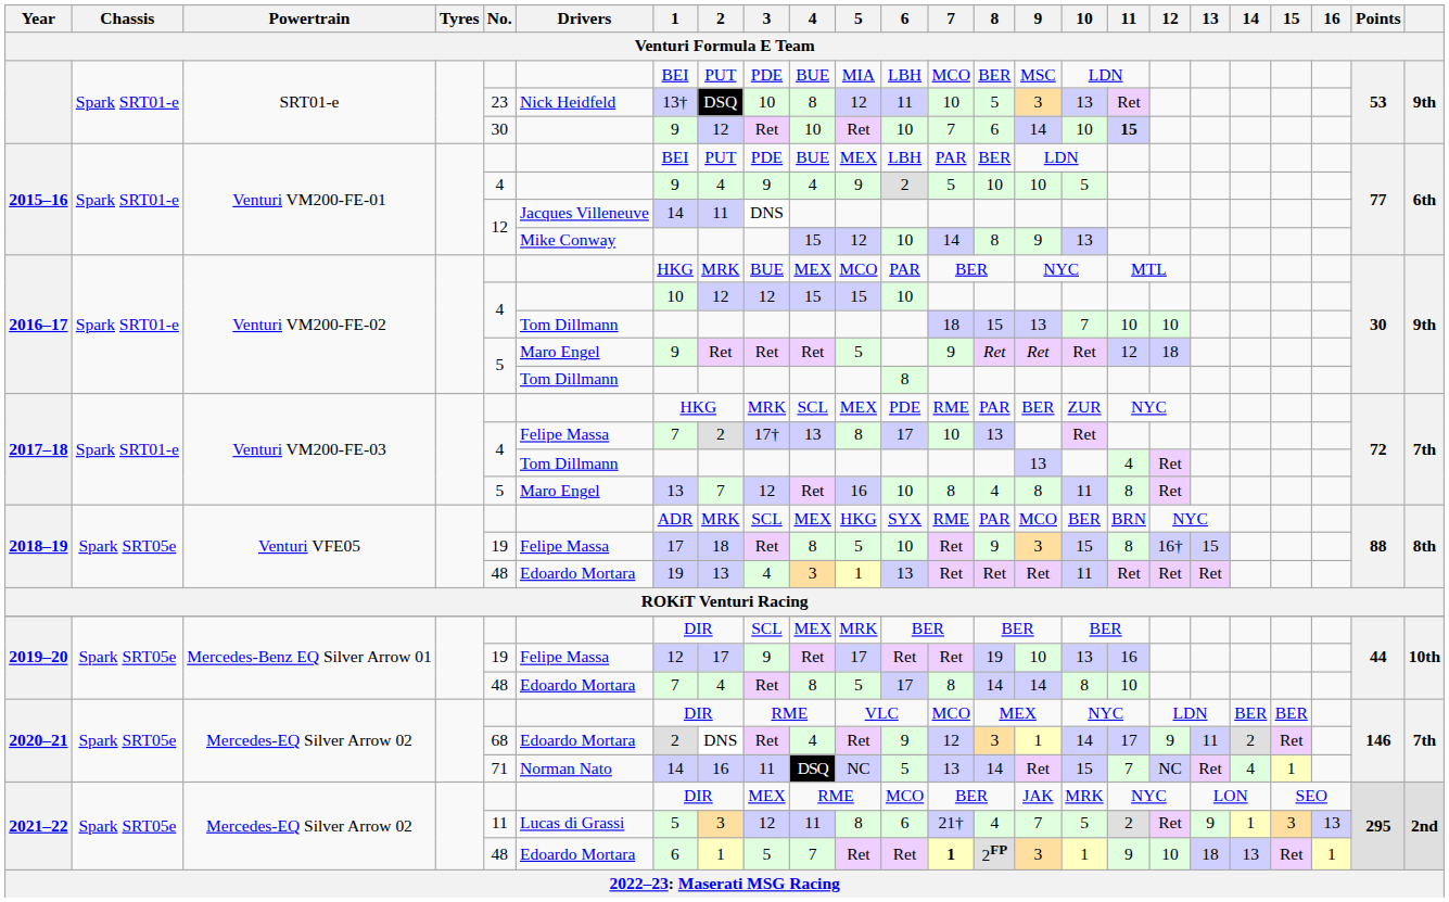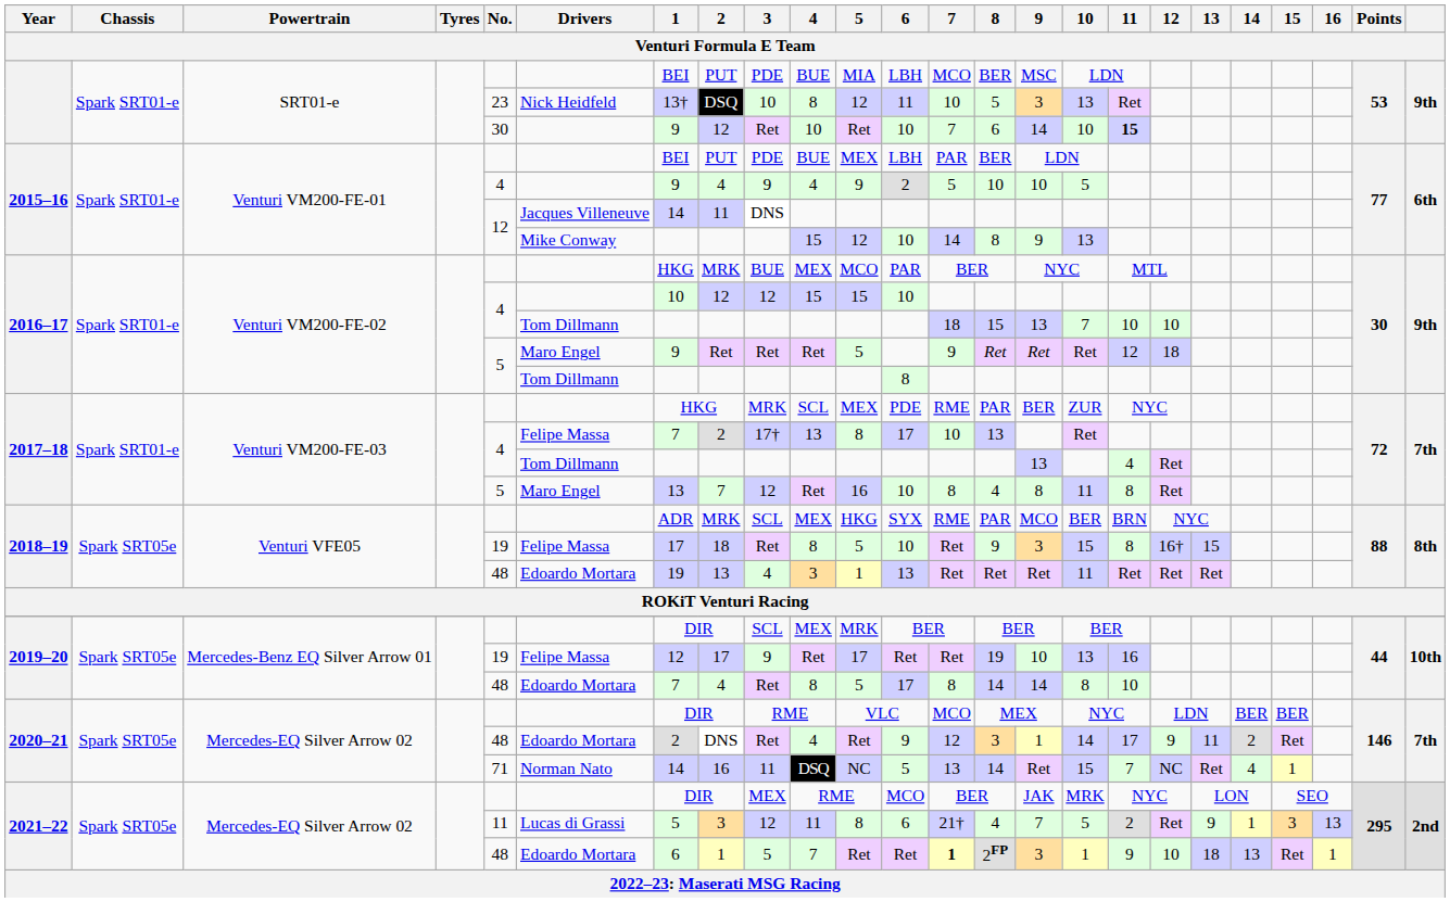 <table class="wikitable" style="font-size: 85%; text-align:center;">
 <tr valign="top">
 <th valign="middle">Year</th>
 <th valign="middle">Chassis</th>
 <th valign="middle">Powertrain</th>
 <th valign="middle">Tyres</th>
 <th valign="middle">No.</th>
 <th valign="middle">Drivers</th>
 <th style="width:26px;">1</th>
 <th style="width:26px;">2</th>
 <th style="width:26px;">3</th>
 <th style="width:26px;">4</th>
 <th style="width:26px;">5</th>
 <th style="width:26px;">6</th>
 <th style="width:26px;">7</th>
 <th style="width:26px;">8</th>
 <th style="width:26px;">9</th>
 <th style="width:26px;">10</th>
 <th style="width:26px;">11</th>
 <th style="width:26px;">12</th>
 <th style="width:26px;">13</th>
 <th style="width:26px;">14</th>
 <th style="width:26px;">15</th>
 <th style="width:26px;">16</th>
 <th valign="middle">Points</th>
 <th></th>
 </tr>
 <tr>
 <th colspan="24">Venturi Formula E Team</th>
 </tr>
 <tr>
 <th rowspan=3></th>
 <td rowspan=3><a href='#'>Spark</a> <a href='#'>SRT01-e</a></td>
 <td rowspan=3>SRT01-e</td>
 <td rowspan=3></td>
 <td></td>
 <td></td>
 <td><a href='#'>BEI</a></td>
 <td><a href='#'>PUT</a></td>
 <td><a href='#'>PDE</a></td>
 <td><a href='#'>BUE</a></td>
 <td><a href='#'>MIA</a></td>
 <td><a href='#'>LBH</a></td>
 <td><a href='#'>MCO</a></td>
 <td><a href='#'>BER</a></td>
 <td><a href='#'>MSC</a></td>
 <td colspan=2><a href='#'>LDN</a></td>
 <td></td>
 <td></td>
 <td></td>
 <td></td>
 <td></td>
 <th rowspan=3>53</th>
 <th rowspan=3>9th</th>
 </tr>
 <tr>
 <td>23</td>
 <td align=left> <a href='#'>Nick Heidfeld</a></td>
 <td style="background:#CFCFFF;">13†</td>
 <td style="background:#000000; color:white">DSQ</td>
 <td style="background:#DFFFDF;">10</td>
 <td style="background:#DFFFDF;">8</td>
 <td style="background:#CFCFFF;">12</td>
 <td style="background:#CFCFFF;">11</td>
 <td style="background:#DFFFDF;">10</td>
 <td style="background:#DFFFDF;">5</td>
 <td style="background:#FFDF9F;">3</td>
 <td style="background:#CFCFFF;">13</td>
 <td style="background:#EFCFFF;">Ret</td>
 <td></td>
 <td></td>
 <td></td>
 <td></td>
 <td></td>
 </tr>
 <tr>
 <td>30</td>
 <td align=left></td>
 <td style="background:#DFFFDF;">9</td>
 <td style="background:#CFCFFF;">12</td>
 <td style="background:#EFCFFF;">Ret</td>
 <td style="background:#DFFFDF;">10</td>
 <td style="background:#EFCFFF;">Ret</td>
 <td style="background:#DFFFDF;">10</td>
 <td style="background:#DFFFDF;">7</td>
 <td style="background:#DFFFDF;">6</td>
 <td style="background:#CFCFFF;">14</td>
 <td style="background:#DFFFDF;">10</td>
 <td style="background:#CFCFFF;"><strong>15</strong></td>
 <td></td>
 <td></td>
 <td></td>
 <td></td>
 <td></td>
 </tr>
 <tr>
 <th rowspan=4><a href='#'>2015–16</a></th>
 <td rowspan=4><a href='#'>Spark</a> <a href='#'>SRT01-e</a></td>
 <td rowspan=4><a href='#'>Venturi</a> VM200-FE-01</td>
 <td rowspan=4></td>
 <td></td>
 <td></td>
 <td><a href='#'>BEI</a></td>
 <td><a href='#'>PUT</a></td>
 <td><a href='#'>PDE</a></td>
 <td><a href='#'>BUE</a></td>
 <td><a href='#'>MEX</a></td>
 <td><a href='#'>LBH</a></td>
 <td><a href='#'>PAR</a></td>
 <td><a href='#'>BER</a></td>
 <td colspan=2><a href='#'>LDN</a></td>
 <td></td>
 <td></td>
 <td></td>
 <td></td>
 <td></td>
 <td></td>
 <th rowspan=4>77</th>
 <th rowspan=4>6th</th>
 </tr>
 <tr>
 <td>4</td>
 <td align=left></td>
 <td style="background:#DFFFDF;">9</td>
 <td style="background:#DFFFDF;">4</td>
 <td style="background:#DFFFDF;">9</td>
 <td style="background:#DFFFDF;">4</td>
 <td style="background:#DFFFDF;">9</td>
 <td style="background:#DFDFDF;">2</td>
 <td style="background:#DFFFDF;">5</td>
 <td style="background:#DFFFDF;">10</td>
 <td style="background:#DFFFDF;">10</td>
 <td style="background:#DFFFDF;">5</td>
 <td></td>
 <td></td>
 <td></td>
 <td></td>
 <td></td>
 <td></td>
 </tr>
 <tr>
 <td rowspan=2>12</td>
 <td align="left"> <a href='#'>Jacques Villeneuve</a></td>
 <td style="background:#CFCFFF;">14</td>
 <td style="background:#CFCFFF;">11</td>
 <td style="background:#FFFFFF;">DNS</td>
 <td></td>
 <td></td>
 <td></td>
 <td></td>
 <td></td>
 <td></td>
 <td></td>
 <td></td>
 <td></td>
 <td></td>
 <td></td>
 <td></td>
 <td></td>
 </tr>
 <tr>
 <td align="left"> <a href='#'>Mike Conway</a></td>
 <td></td>
 <td></td>
 <td></td>
 <td style="background:#CFCFFF;">15</td>
 <td style="background:#CFCFFF;">12</td>
 <td style="background:#DFFFDF;">10</td>
 <td style="background:#CFCFFF;">14</td>
 <td style="background:#DFFFDF;">8</td>
 <td style="background:#DFFFDF;">9</td>
 <td style="background:#CFCFFF;">13</td>
 <td></td>
 <td></td>
 <td></td>
 <td></td>
 <td></td>
 <td></td>
 </tr>
 <tr>
 <th rowspan=5><a href='#'>2016–17</a></th>
 <td rowspan=5><a href='#'>Spark</a> <a href='#'>SRT01-e</a></td>
 <td rowspan=5><a href='#'>Venturi</a> VM200-FE-02</td>
 <td rowspan=5></td>
 <td></td>
 <td></td>
 <td><a href='#'>HKG</a></td>
 <td><a href='#'>MRK</a></td>
 <td><a href='#'>BUE</a></td>
 <td><a href='#'>MEX</a></td>
 <td><a href='#'>MCO</a></td>
 <td><a href='#'>PAR</a></td>
 <td colspan=2><a href='#'>BER</a></td>
 <td colspan=2><a href='#'>NYC</a></td>
 <td colspan=2><a href='#'>MTL</a></td>
 <td></td>
 <td></td>
 <td></td>
 <td></td>
 <th rowspan=5>30</th>
 <th rowspan=5>9th</th>
 </tr>
 <tr>
 <td rowspan="2">4</td>
 <td align=left></td>
 <td style="background:#DFFFDF;">10</td>
 <td style="background:#CFCFFF;">12</td>
 <td style="background:#CFCFFF;">12</td>
 <td style="background:#CFCFFF;">15</td>
 <td style="background:#CFCFFF;">15</td>
 <td style="background:#DFFFDF;">10</td>
 <td></td>
 <td></td>
 <td></td>
 <td></td>
 <td></td>
 <td></td>
 <td></td>
 <td></td>
 <td></td>
 <td></td>
 </tr>
 <tr>
 <td align="left"> <a href='#'>Tom Dillmann</a></td>
 <td></td>
 <td></td>
 <td></td>
 <td></td>
 <td></td>
 <td></td>
 <td style="background:#CFCFFF;">18</td>
 <td style="background:#CFCFFF;">15</td>
 <td style="background:#CFCFFF;">13</td>
 <td style="background:#DFFFDF;">7</td>
 <td style="background:#DFFFDF;">10</td>
 <td style="background:#DFFFDF;">10</td>
 <td></td>
 <td></td>
 <td></td>
 <td></td>
 </tr>
 <tr>
 <td rowspan="2">5</td>
 <td align=left> <a href='#'>Maro Engel</a></td>
 <td style="background:#DFFFDF;">9</td>
 <td style="background:#EFCFFF;">Ret</td>
 <td style="background:#EFCFFF;">Ret</td>
 <td style="background:#EFCFFF;">Ret</td>
 <td style="background:#DFFFDF;">5</td>
 <td></td>
 <td style="background:#DFFFDF;">9</td>
 <td style="background:#EFCFFF;"><em>Ret</em></td>
 <td style="background:#EFCFFF;"><em>Ret</em></td>
 <td style="background:#EFCFFF;">Ret</td>
 <td style="background:#CFCFFF;">12</td>
 <td style="background:#CFCFFF;">18</td>
 <td></td>
 <td></td>
 <td></td>
 <td></td>
 </tr>
 <tr>
 <td align="left"> <a href='#'>Tom Dillmann</a></td>
 <td></td>
 <td></td>
 <td></td>
 <td></td>
 <td></td>
 <td style="background:#DFFFDF;">8</td>
 <td></td>
 <td></td>
 <td></td>
 <td></td>
 <td></td>
 <td></td>
 <td></td>
 <td></td>
 <td></td>
 <td></td>
 </tr>
 <tr>
 <th rowspan=4><a href='#'>2017–18</a></th>
 <td rowspan=4><a href='#'>Spark</a> <a href='#'>SRT01-e</a></td>
 <td rowspan=4><a href='#'>Venturi</a> VM200-FE-03</td>
 <td rowspan=4></td>
 <td></td>
 <td></td>
 <td colspan=2><a href='#'>HKG</a></td>
 <td><a href='#'>MRK</a></td>
 <td><a href='#'>SCL</a></td>
 <td><a href='#'>MEX</a></td>
 <td><a href='#'>PDE</a></td>
 <td><a href='#'>RME</a></td>
 <td><a href='#'>PAR</a></td>
 <td><a href='#'>BER</a></td>
 <td><a href='#'>ZUR</a></td>
 <td colspan=2><a href='#'>NYC</a></td>
 <td></td>
 <td></td>
 <td></td>
 <td></td>
 <th rowspan=4>72</th>
 <th rowspan=4>7th</th>
 </tr>
 <tr>
 <td rowspan=2>4</td>
 <td align="left"> <a href='#'>Felipe Massa</a></td>
 <td style="background:#DFFFDF;">7</td>
 <td style="background:#DFDFDF;">2</td>
 <td style="background:#CFCFFF;">17†</td>
 <td style="background:#CFCFFF;">13</td>
 <td style="background:#DFFFDF;">8</td>
 <td style="background:#CFCFFF;">17</td>
 <td style="background:#DFFFDF;">10</td>
 <td style="background:#CFCFFF;">13</td>
 <td></td>
 <td style="background:#EFCFFF;">Ret</td>
 <td></td>
 <td></td>
 <td></td>
 <td></td>
 <td></td>
 <td></td>
 </tr>
 <tr>
 <td align="left"> <a href='#'>Tom Dillmann</a></td>
 <td></td>
 <td></td>
 <td></td>
 <td></td>
 <td></td>
 <td></td>
 <td></td>
 <td></td>
 <td style="background:#CFCFFF;">13</td>
 <td></td>
 <td style="background:#DFFFDF;">4</td>
 <td style="background:#EFCFFF;">Ret</td>
 <td></td>
 <td></td>
 <td></td>
 <td></td>
 </tr>
 <tr>
 <td>5</td>
 <td align="left"> <a href='#'>Maro Engel</a></td>
 <td style="background:#CFCFFF;">13</td>
 <td style="background:#DFFFDF;">7</td>
 <td style="background:#CFCFFF;">12</td>
 <td style="background:#EFCFFF;">Ret</td>
 <td style="background:#CFCFFF;">16</td>
 <td style="background:#DFFFDF;">10</td>
 <td style="background:#DFFFDF;">8</td>
 <td style="background:#DFFFDF;">4</td>
 <td style="background:#DFFFDF;">8</td>
 <td style="background:#CFCFFF;">11</td>
 <td style="background:#DFFFDF;">8</td>
 <td style="background:#EFCFFF;">Ret</td>
 <td></td>
 <td></td>
 <td></td>
 <td></td>
 </tr>
 <tr>
 <th rowspan=3><a href='#'>2018–19</a></th>
 <td rowspan=3><a href='#'>Spark</a> <a href='#'>SRT05e</a></td>
 <td rowspan=3><a href='#'>Venturi</a> VFE05</td>
 <td rowspan=3></td>
 <td></td>
 <td></td>
 <td><a href='#'>ADR</a></td>
 <td><a href='#'>MRK</a></td>
 <td><a href='#'>SCL</a></td>
 <td><a href='#'>MEX</a></td>
 <td><a href='#'>HKG</a></td>
 <td><a href='#'>SYX</a></td>
 <td><a href='#'>RME</a></td>
 <td><a href='#'>PAR</a></td>
 <td><a href='#'>MCO</a></td>
 <td><a href='#'>BER</a></td>
 <td><a href='#'>BRN</a></td>
 <td colspan=2><a href='#'>NYC</a></td>
 <td></td>
 <td></td>
 <td></td>
 <th rowspan=3>88</th>
 <th rowspan=3>8th</th>
 </tr>
 <tr>
 <td>19</td>
 <td align="left"> <a href='#'>Felipe Massa</a></td>
 <td style="background:#CFCFFF;">17</td>
 <td style="background:#CFCFFF;">18</td>
 <td style="background:#EFCFFF;">Ret</td>
 <td style="background:#DFFFDF;">8</td>
 <td style="background:#DFFFDF;">5</td>
 <td style="background:#DFFFDF;">10</td>
 <td style="background:#EFCFFF;">Ret</td>
 <td style="background:#DFFFDF;">9</td>
 <td style="background:#FFDF9F;">3</td>
 <td style="background:#CFCFFF;">15</td>
 <td style="background:#DFFFDF;">8</td>
 <td style="background:#CFCFFF;">16†</td>
 <td style="background:#CFCFFF;">15</td>
 <td></td>
 <td></td>
 <td></td>
 </tr>
 <tr>
 <td>48</td>
 <td align="left"> <a href='#'>Edoardo Mortara</a></td>
 <td style="background:#CFCFFF;">19</td>
 <td style="background:#CFCFFF;">13</td>
 <td style="background:#DFFFDF;">4</td>
 <td style="background:#FFDF9F;">3</td>
 <td style="background:#ffffbf;">1</td>
 <td style="background:#CFCFFF;">13</td>
 <td style="background:#EFCFFF;">Ret</td>
 <td style="background:#EFCFFF;">Ret</td>
 <td style="background:#EFCFFF;">Ret</td>
 <td style="background:#CFCFFF;">11</td>
 <td style="background:#EFCFFF;">Ret</td>
 <td style="background:#EFCFFF;">Ret</td>
 <td style="background:#EFCFFF;">Ret</td>
 <td></td>
 <td></td>
 <td></td>
 </tr>
 <tr>
 <th colspan="24">ROKiT Venturi Racing</th>
 </tr>
 <tr>
 </tr>
 <tr>
 <th rowspan=3><a href='#'>2019–20</a></th>
 <td rowspan=3><a href='#'>Spark</a> <a href='#'>SRT05e</a></td>
 <td rowspan=3><a href='#'>Mercedes-Benz EQ</a> Silver Arrow 01</td>
 <td rowspan=3></td>
 <td></td>
 <td></td>
 <td colspan=2><a href='#'>DIR</a></td>
 <td><a href='#'>SCL</a></td>
 <td><a href='#'>MEX</a></td>
 <td><a href='#'>MRK</a></td>
 <td colspan="2"><a href='#'>BER</a></td>
 <td colspan="2"><a href='#'>BER</a></td>
 <td colspan="2"><a href='#'>BER</a></td>
 <td></td>
 <td></td>
 <td></td>
 <td></td>
 <td></td>
 <th rowspan=3>44</th>
 <th rowspan=3>10th</th>
 </tr>
 <tr>
 <td>19</td>
 <td align="left"> <a href='#'>Felipe Massa</a></td>
 <td style="background:#CFCFFF;">12</td>
 <td style="background:#CFCFFF;">17</td>
 <td style="background:#DFFFDF;">9</td>
 <td style="background:#EFCFFF;">Ret</td>
 <td style="background:#CFCFFF;">17</td>
 <td style="background:#EFCFFF;">Ret</td>
 <td style="background:#EFCFFF;">Ret</td>
 <td style="background:#CFCFFF;">19</td>
 <td style="background:#DFFFDF;">10</td>
 <td style="background:#CFCFFF;">13</td>
 <td style="background:#CFCFFF;">16</td>
 <td></td>
 <td></td>
 <td></td>
 <td></td>
 <td></td>
 </tr>
 <tr>
 <td>48</td>
 <td align="left"> <a href='#'>Edoardo Mortara</a></td>
 <td style="background:#DFFFDF;">7</td>
 <td style="background:#DFFFDF;">4</td>
 <td style="background:#EFCFFF;">Ret</td>
 <td style="background:#DFFFDF;">8</td>
 <td style="background:#DFFFDF;">5</td>
 <td style="background:#CFCFFF;">17</td>
 <td style="background:#DFFFDF;">8</td>
 <td style="background:#CFCFFF;">14</td>
 <td style="background:#CFCFFF;">14</td>
 <td style="background:#DFFFDF;">8</td>
 <td style="background:#DFFFDF;">10</td>
 <td></td>
 <td></td>
 <td></td>
 <td></td>
 <td></td>
 </tr>
 <tr>
 <th rowspan=3><a href='#'>2020–21</a></th>
 <td rowspan=3><a href='#'>Spark</a> <a href='#'>SRT05e</a></td>
 <td rowspan=3><a href='#'>Mercedes-EQ</a> Silver Arrow 02</td>
 <td rowspan=3></td>
 <td></td>
 <td></td>
 <td colspan=2><a href='#'>DIR</a></td>
 <td colspan=2><a href='#'>RME</a></td>
 <td colspan=2><a href='#'>VLC</a></td>
 <td><a href='#'>MCO</a></td>
 <td colspan=2><a href='#'>MEX</a></td>
 <td colspan=2><a href='#'>NYC</a></td>
 <td colspan=2><a href='#'>LDN</a></td>
 <td><a href='#'>BER</a></td>
 <td><a href='#'>BER</a></td>
 <td></td>
 <th rowspan=3>146</th>
 <th rowspan=3>7th</th>
 </tr>
 <tr>
-<td>68</td>
+<td>48</td>
 <td align="left"> <a href='#'>Edoardo Mortara</a></td>
 <td style="background-color:#DFDFDF;">2</td>
 <td style="background-color:#FFFFFF;">DNS</td>
 <td style="background:#EFCFFF;">Ret</td>
 <td style="background:#DFFFDF;">4</td>
 <td style="background:#EFCFFF;">Ret</td>
 <td style="background:#DFFFDF;">9</td>
 <td style="background:#CFCFFF;">12</td>
 <td style="background:#FFDF9F;">3</td>
 <td style="background:#ffffbf;">1</td>
 <td style="background:#CFCFFF;">14</td>
 <td style="background:#CFCFFF;">17</td>
 <td style="background:#DFFFDF;">9</td>
 <td style="background:#CFCFFF;">11</td>
 <td style="background:#DFDFDF;">2</td>
 <td style="background:#EFCFFF;">Ret</td>
 <td></td>
 </tr>
 <tr>
 <td>71</td>
 <td align="left"> <a href='#'>Norman Nato</a></td>
 <td style="background:#CFCFFF;">14</td>
 <td style="background:#CFCFFF;">16</td>
 <td style="background:#CFCFFF;">11</td>
 <td style="background:#000000; letter-spacing:-1px; color:white">DSQ</td>
 <td style="background:#CFCFFF;">NC</td>
 <td style="background:#DFFFDF;">5</td>
 <td style="background:#CFCFFF;">13</td>
 <td style="background:#CFCFFF;">14</td>
 <td style="background:#EFCFFF;">Ret</td>
 <td style="background:#CFCFFF;">15</td>
 <td style="background:#DFFFDF;">7</td>
 <td style="background:#CFCFFF;">NC</td>
 <td style="background:#EFCFFF;">Ret</td>
 <td style="background:#DFFFDF;">4</td>
 <td style="background:#ffffbf;">1</td>
 <td></td>
 </tr>
 <tr>
 <th rowspan=3><a href='#'>2021–22</a></th>
 <td rowspan=3><a href='#'>Spark</a> <a href='#'>SRT05e</a></td>
 <td rowspan=3><a href='#'>Mercedes-EQ</a> Silver Arrow 02</td>
 <td rowspan=3></td>
 <td></td>
 <td></td>
 <td colspan=2><a href='#'>DIR</a></td>
 <td><a href='#'>MEX</a></td>
 <td colspan=2><a href='#'>RME</a></td>
 <td><a href='#'>MCO</a></td>
 <td colspan=2><a href='#'>BER</a></td>
 <td><a href='#'>JAK</a></td>
 <td><a href='#'>MRK</a></td>
 <td colspan=2><a href='#'>NYC</a></td>
 <td colspan=2><a href='#'>LON</a></td>
 <td colspan=2><a href='#'>SEO</a></td>
 <th rowspan=3  style="background:#DFDFDF;">295</th>
 <th rowspan=3  style="background:#DFDFDF;">2nd</th>
 </tr>
 <tr>
 <td>11</td>
 <td align="left"> <a href='#'>Lucas di Grassi</a></td>
 <td style="background:#DFFFDF">5</td>
 <td style="background:#FFDF9F">3</td>
 <td style="background:#CFCFFF">12</td>
 <td style="background:#CFCFFF">11</td>
 <td style="background:#DFFFDF">8</td>
 <td style="background:#DFFFDF">6</td>
 <td style="background:#CFCFFF">21†</td>
 <td style="background:#DFFFDF">4</td>
 <td style="background:#DFFFDF">7</td>
 <td style="background:#DFFFDF">5</td>
 <td style="background:#DFDFDF">2</td>
 <td style="background:#EFCFFF">Ret</td>
 <td style="background:#DFFFDF">9</td>
 <td style="background:#FFFFBF">1</td>
 <td style="background:#FFDF9F">3</td>
 <td style="background:#CFCFFF">13</td>
 </tr>
 <tr>
 <td>48</td>
 <td align="left"> <a href='#'>Edoardo Mortara</a></td>
 <td style="background:#DFFFDF">6</td>
 <td style="background:#FFFFBF">1</td>
 <td style="background:#DFFFDF">5</td>
 <td style="background:#DFFFDF">7</td>
 <td style="background:#EFCFFF;">Ret</td>
 <td style="background:#EFCFFF;">Ret</td>
 <td style="background:#FFFFBF"><strong>1</strong></td>
 <td style="background:#DFDFDF;">2<sup><strong>FP</strong></sup></td>
 <td style="background:#FFDF9F">3</td>
 <td style="background:#FFFFBF">1</td>
 <td style="background:#DFFFDF">9</td>
 <td style="background:#DFFFDF">10</td>
 <td style="background:#CFCFFF">18</td>
 <td style="background:#CFCFFF">13</td>
 <td style="background:#EFCFFF;">Ret</td>
 <td style="background:#FFFFBF">1</td>
 </tr>
 <tr>
 <th colspan="24"><a href='#'>2022–23</a>: <a href='#'>Maserati MSG Racing</a></th>
 </tr>
 </table>
